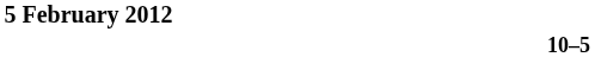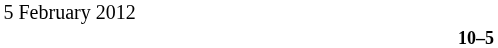 <table width=100% cellspacing=1>
 <tr>
 <th width=25%></th>
 <th width=10%></th>
 <th></th>
 </tr>
 <tr>
-<td><strong>5 February 2012</strong></td>
+<td>5 February 2012</td>
 </tr>
 <tr style=font-size:90%>
 <td align=right><strong></strong></td>
 <td align=center><strong>10–5</strong></td>
 <td><strong></strong></td>
 </tr>
 </table>
